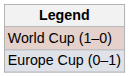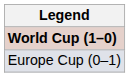 <table class="wikitable">
 <tr>
 <th>Legend</th>
 </tr>
 <tr style="background:#e5d1cb;">
-<td>World Cup (1–0)</td>
+<td><strong>World Cup (1–0)</strong></td>
 </tr>
 <tr style="background:#dfe2e9;">
 <td>Europe Cup (0–1)</td>
 </tr>
 </table>
